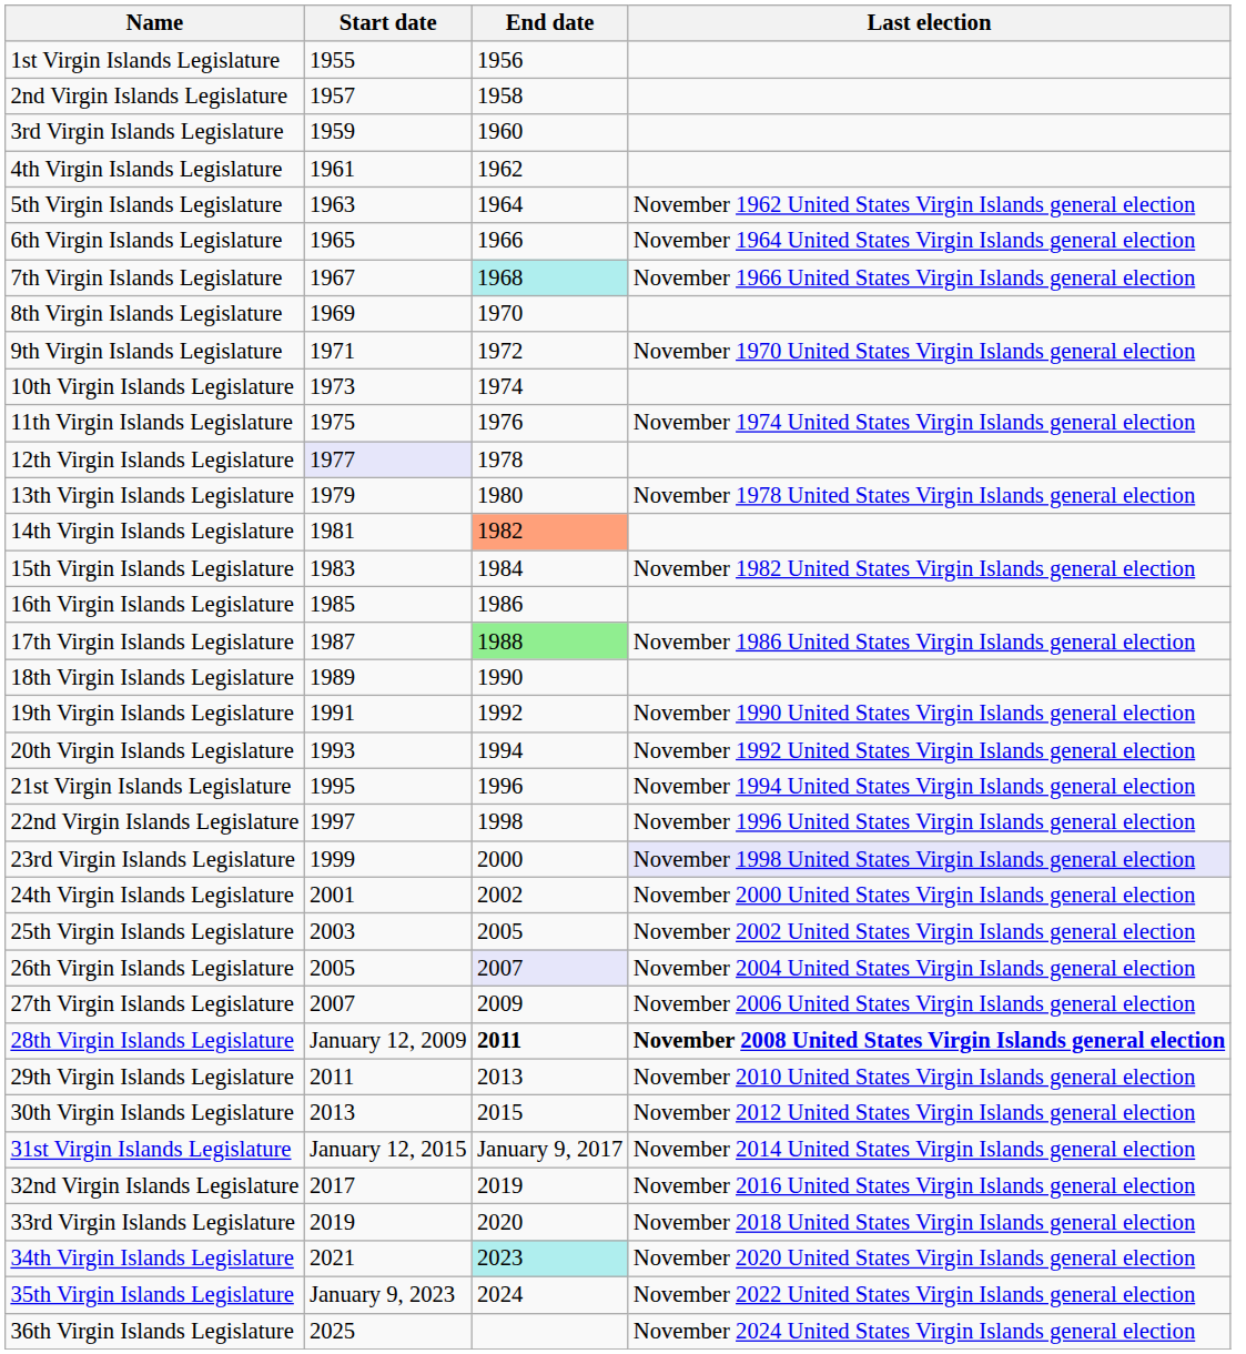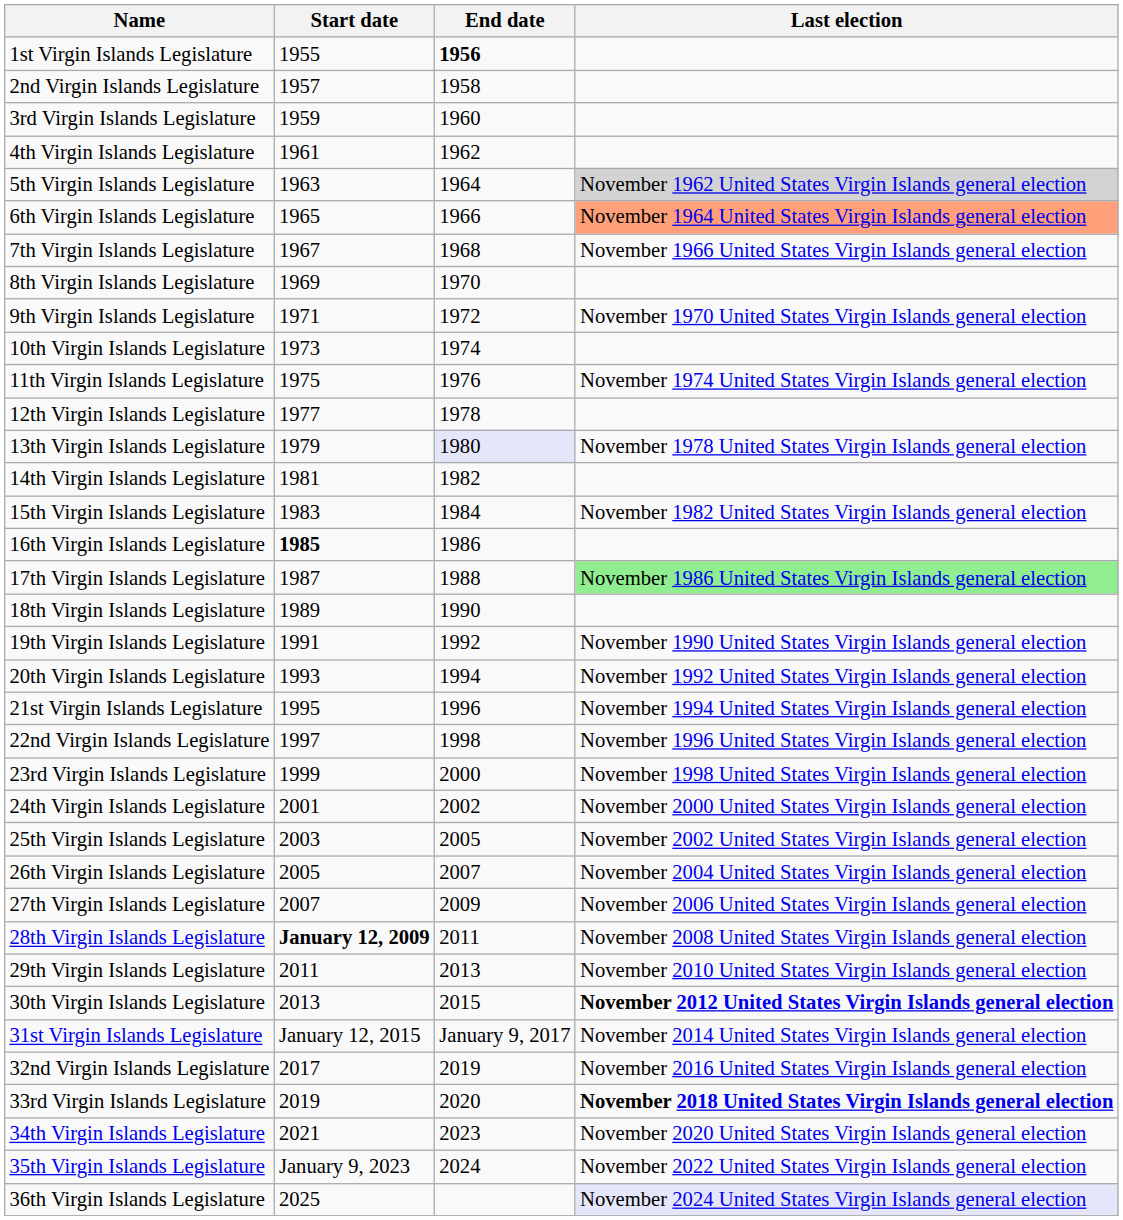 <table class="wikitable mw-datatable sticky-header">
 <tr>
 <th>Name</th>
 <th>Start date</th>
 <th>End date</th>
 <th>Last election</th>
 </tr>
 <tr>
 <td>1st Virgin Islands Legislature</td>
 <td>1955</td>
-<td>1956</td>
+<td><strong>1956</strong></td>
 <td></td>
 </tr>
 <tr>
 <td>2nd Virgin Islands Legislature</td>
 <td>1957</td>
 <td>1958</td>
 <td></td>
 </tr>
 <tr>
 <td>3rd Virgin Islands Legislature</td>
 <td>1959</td>
 <td>1960</td>
 <td></td>
 </tr>
 <tr>
 <td>4th Virgin Islands Legislature</td>
 <td>1961</td>
 <td>1962</td>
 <td></td>
 </tr>
 <tr>
 <td>5th Virgin Islands Legislature</td>
 <td>1963</td>
 <td>1964</td>
-<td>November <a href='#'>1962 United States Virgin Islands general election</a></td>
+<td style="background: lightgrey;">November <a href='#'>1962 United States Virgin Islands general election</a></td>
 </tr>
 <tr>
 <td>6th Virgin Islands Legislature</td>
 <td>1965</td>
 <td>1966</td>
-<td>November <a href='#'>1964 United States Virgin Islands general election</a></td>
+<td style="background: lightsalmon;">November <a href='#'>1964 United States Virgin Islands general election</a></td>
 </tr>
 <tr>
 <td>7th Virgin Islands Legislature</td>
 <td>1967</td>
-<td style="background: paleturquoise;">1968</td>
+<td>1968</td>
 <td>November <a href='#'>1966 United States Virgin Islands general election</a></td>
 </tr>
 <tr>
 <td>8th Virgin Islands Legislature</td>
 <td>1969</td>
 <td>1970</td>
 <td></td>
 </tr>
 <tr>
 <td>9th Virgin Islands Legislature</td>
 <td>1971</td>
 <td>1972</td>
 <td>November <a href='#'>1970 United States Virgin Islands general election</a></td>
 </tr>
 <tr>
 <td>10th Virgin Islands Legislature</td>
 <td>1973</td>
 <td>1974</td>
 <td></td>
 </tr>
 <tr>
 <td>11th Virgin Islands Legislature</td>
 <td>1975</td>
 <td>1976</td>
 <td>November <a href='#'>1974 United States Virgin Islands general election</a></td>
 </tr>
 <tr>
 <td>12th Virgin Islands Legislature</td>
-<td style="background: lavender;">1977</td>
+<td>1977</td>
 <td>1978</td>
 <td></td>
 </tr>
 <tr>
 <td>13th Virgin Islands Legislature</td>
 <td>1979</td>
-<td>1980</td>
+<td style="background: lavender;">1980</td>
 <td>November <a href='#'>1978 United States Virgin Islands general election</a></td>
 </tr>
 <tr>
 <td>14th Virgin Islands Legislature</td>
 <td>1981</td>
-<td style="background: lightsalmon;">1982</td>
+<td>1982</td>
 <td></td>
 </tr>
 <tr>
 <td>15th Virgin Islands Legislature</td>
 <td>1983</td>
 <td>1984</td>
 <td>November <a href='#'>1982 United States Virgin Islands general election</a></td>
 </tr>
 <tr>
 <td>16th Virgin Islands Legislature</td>
-<td>1985</td>
+<td><strong>1985</strong></td>
 <td>1986</td>
 <td></td>
 </tr>
 <tr>
 <td>17th Virgin Islands Legislature</td>
 <td>1987</td>
-<td style="background: lightgreen;">1988</td>
-<td>November <a href='#'>1986 United States Virgin Islands general election</a></td>
+<td>1988</td>
+<td style="background: lightgreen;">November <a href='#'>1986 United States Virgin Islands general election</a></td>
 </tr>
 <tr>
 <td>18th Virgin Islands Legislature</td>
 <td>1989</td>
 <td>1990</td>
 <td></td>
 </tr>
 <tr>
 <td>19th Virgin Islands Legislature</td>
 <td>1991</td>
 <td>1992</td>
 <td>November <a href='#'>1990 United States Virgin Islands general election</a></td>
 </tr>
 <tr>
 <td>20th Virgin Islands Legislature</td>
 <td>1993</td>
 <td>1994</td>
 <td>November <a href='#'>1992 United States Virgin Islands general election</a></td>
 </tr>
 <tr>
 <td>21st Virgin Islands Legislature</td>
 <td>1995</td>
 <td>1996</td>
 <td>November <a href='#'>1994 United States Virgin Islands general election</a></td>
 </tr>
 <tr>
 <td>22nd Virgin Islands Legislature</td>
 <td>1997</td>
 <td>1998</td>
 <td>November <a href='#'>1996 United States Virgin Islands general election</a></td>
 </tr>
 <tr>
 <td>23rd Virgin Islands Legislature</td>
 <td>1999</td>
 <td>2000</td>
-<td style="background: lavender;">November <a href='#'>1998 United States Virgin Islands general election</a></td>
+<td>November <a href='#'>1998 United States Virgin Islands general election</a></td>
 </tr>
 <tr>
 <td>24th Virgin Islands Legislature</td>
 <td>2001</td>
 <td>2002</td>
 <td>November <a href='#'>2000 United States Virgin Islands general election</a></td>
 </tr>
 <tr>
 <td>25th Virgin Islands Legislature</td>
 <td>2003</td>
 <td>2005</td>
 <td>November <a href='#'>2002 United States Virgin Islands general election</a></td>
 </tr>
 <tr>
 <td>26th Virgin Islands Legislature</td>
 <td>2005</td>
-<td style="background: lavender;">2007</td>
+<td>2007</td>
 <td>November <a href='#'>2004 United States Virgin Islands general election</a></td>
 </tr>
 <tr>
 <td>27th Virgin Islands Legislature</td>
 <td>2007</td>
 <td>2009</td>
 <td>November <a href='#'>2006 United States Virgin Islands general election</a></td>
 </tr>
 <tr>
 <td><a href='#'>28th Virgin Islands Legislature</a></td>
-<td>January 12, 2009</td>
-<td><strong>2011</strong></td>
-<td><strong>November <a href='#'>2008 United States Virgin Islands general election</a></strong></td>
+<td><strong>January 12, 2009</strong></td>
+<td>2011</td>
+<td>November <a href='#'>2008 United States Virgin Islands general election</a></td>
 </tr>
 <tr>
 <td>29th Virgin Islands Legislature</td>
 <td>2011</td>
 <td>2013</td>
 <td>November <a href='#'>2010 United States Virgin Islands general election</a></td>
 </tr>
 <tr>
 <td>30th Virgin Islands Legislature</td>
 <td>2013</td>
 <td>2015</td>
-<td>November <a href='#'>2012 United States Virgin Islands general election</a></td>
+<td><strong>November <a href='#'>2012 United States Virgin Islands general election</a></strong></td>
 </tr>
 <tr>
 <td><a href='#'>31st Virgin Islands Legislature</a></td>
 <td>January 12, 2015</td>
 <td>January 9, 2017</td>
 <td>November <a href='#'>2014 United States Virgin Islands general election</a></td>
 </tr>
 <tr>
 <td>32nd Virgin Islands Legislature</td>
 <td>2017</td>
 <td>2019</td>
 <td>November <a href='#'>2016 United States Virgin Islands general election</a></td>
 </tr>
 <tr>
 <td>33rd Virgin Islands Legislature</td>
 <td>2019</td>
 <td>2020</td>
-<td>November <a href='#'>2018 United States Virgin Islands general election</a></td>
+<td><strong>November <a href='#'>2018 United States Virgin Islands general election</a></strong></td>
 </tr>
 <tr>
 <td><a href='#'>34th Virgin Islands Legislature</a></td>
 <td>2021</td>
-<td style="background: paleturquoise;">2023</td>
+<td>2023</td>
 <td>November <a href='#'>2020 United States Virgin Islands general election</a></td>
 </tr>
 <tr>
 <td><a href='#'>35th Virgin Islands Legislature</a></td>
 <td>January 9, 2023</td>
 <td>2024</td>
 <td>November <a href='#'>2022 United States Virgin Islands general election</a></td>
 </tr>
 <tr>
 <td>36th Virgin Islands Legislature</td>
 <td>2025</td>
 <td></td>
-<td>November <a href='#'>2024 United States Virgin Islands general election</a></td>
+<td style="background: lavender;">November <a href='#'>2024 United States Virgin Islands general election</a></td>
 </tr>
 <tr>
 </tr>
 </table>
